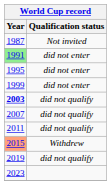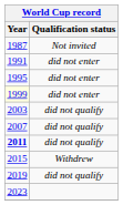 <table class=wikitable style="text-align: center; font-size: 87%;">
 <tr>
 <th colspan=8><a href='#'>World Cup record</a></th>
 </tr>
 <tr>
 <th>Year</th>
 <th>Qualification status</th>
 </tr>
 <tr>
 <td> <a href='#'>1987</a></td>
 <td colspan=7><em>Not invited</em></td>
 </tr>
 <tr>
-<td style="background: lightgreen;"> <a href='#'>1991</a></td>
+<td> <a href='#'>1991</a></td>
 <td colspan=7><em>did not enter</em></td>
 </tr>
 <tr>
 <td> <a href='#'>1995</a></td>
 <td colspan=7><em>did not enter</em></td>
 </tr>
 <tr>
-<td> <a href='#'>1999</a></td>
+<td style="background: lightyellow;"> <a href='#'>1999</a></td>
 <td colspan=7><em>did not enter</em></td>
 </tr>
 <tr>
-<td><strong> <a href='#'>2003</a></strong></td>
+<td> <a href='#'>2003</a></td>
 <td colspan=7><em>did not qualify</em></td>
 </tr>
 <tr>
 <td> <a href='#'>2007</a></td>
 <td colspan=7><em>did not qualify</em></td>
 </tr>
 <tr>
-<td> <a href='#'>2011</a></td>
+<td><strong> <a href='#'>2011</a></strong></td>
 <td colspan=7><em>did not qualify</em></td>
 </tr>
 <tr>
-<td style="background: lightsalmon;"> <a href='#'>2015</a></td>
+<td> <a href='#'>2015</a></td>
 <td colspan=7><em>Withdrew</em></td>
 </tr>
 <tr>
 <td> <a href='#'>2019</a></td>
 <td colspan=7><em>did not qualify</em></td>
 </tr>
 <tr>
 <td> <a href='#'>2023</a></td>
 <td colspan=7></td>
 </tr>
 <tr>
 </tr>
 </table>
